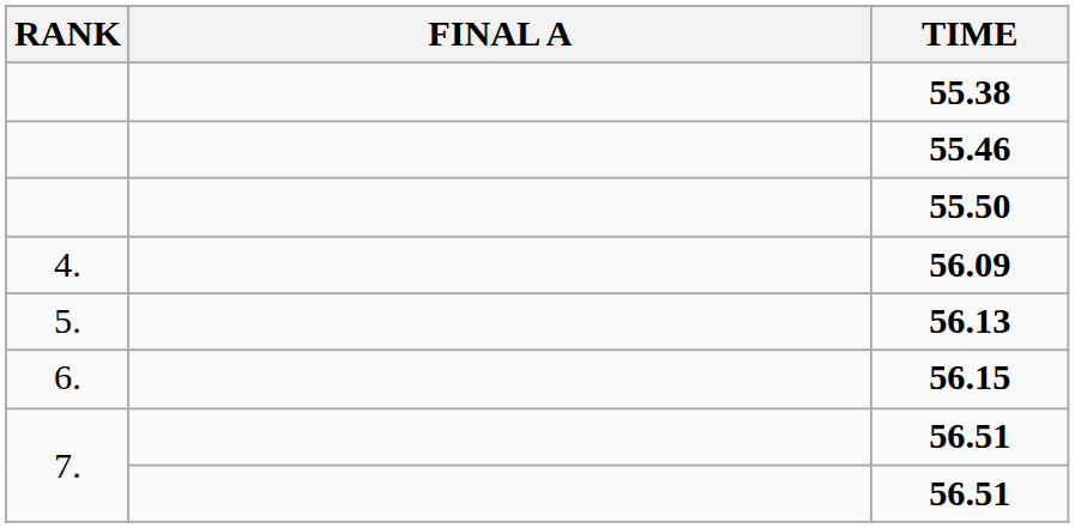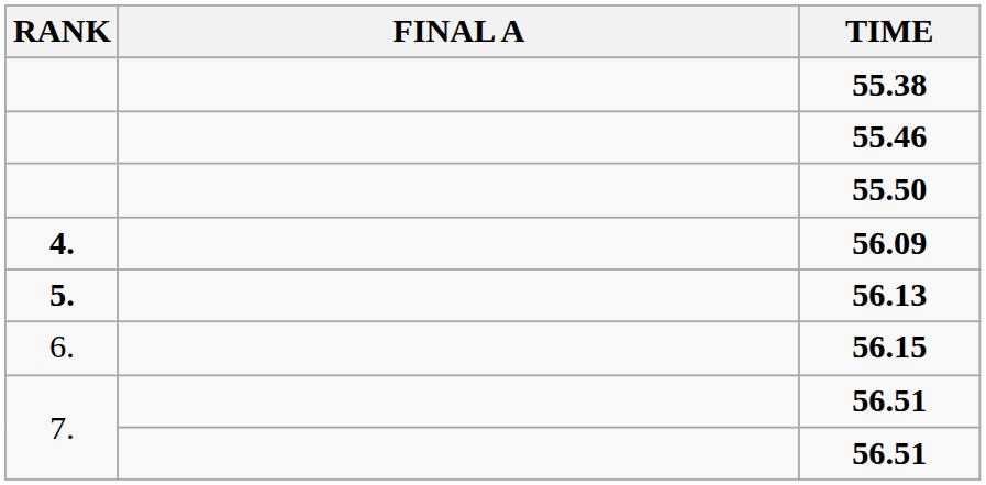 <table class="wikitable">
 <tr>
 <th>RANK</th>
 <th style="width: 20em">FINAL A</th>
 <th style="width: 5em">TIME</th>
 </tr>
 <tr>
 <td align="center"></td>
 <td></td>
 <td align="center"><strong>55.38</strong></td>
 </tr>
 <tr>
 <td align="center"></td>
 <td></td>
 <td align="center"><strong>55.46</strong></td>
 </tr>
 <tr>
 <td align="center"></td>
 <td></td>
 <td align="center"><strong>55.50</strong></td>
 </tr>
 <tr>
-<td align="center">4.</td>
+<td align="center"><strong>4.</strong></td>
 <td></td>
 <td align="center"><strong>56.09</strong></td>
 </tr>
 <tr>
-<td align="center">5.</td>
+<td align="center"><strong>5.</strong></td>
 <td></td>
 <td align="center"><strong>56.13</strong></td>
 </tr>
 <tr>
 <td align="center">6.</td>
 <td></td>
 <td align="center"><strong>56.15</strong></td>
 </tr>
 <tr>
 <td rowspan=2 align="center">7.</td>
 <td></td>
 <td align="center"><strong>56.51</strong></td>
 </tr>
 <tr>
 <td></td>
 <td align="center"><strong>56.51</strong></td>
 </tr>
 </table>
